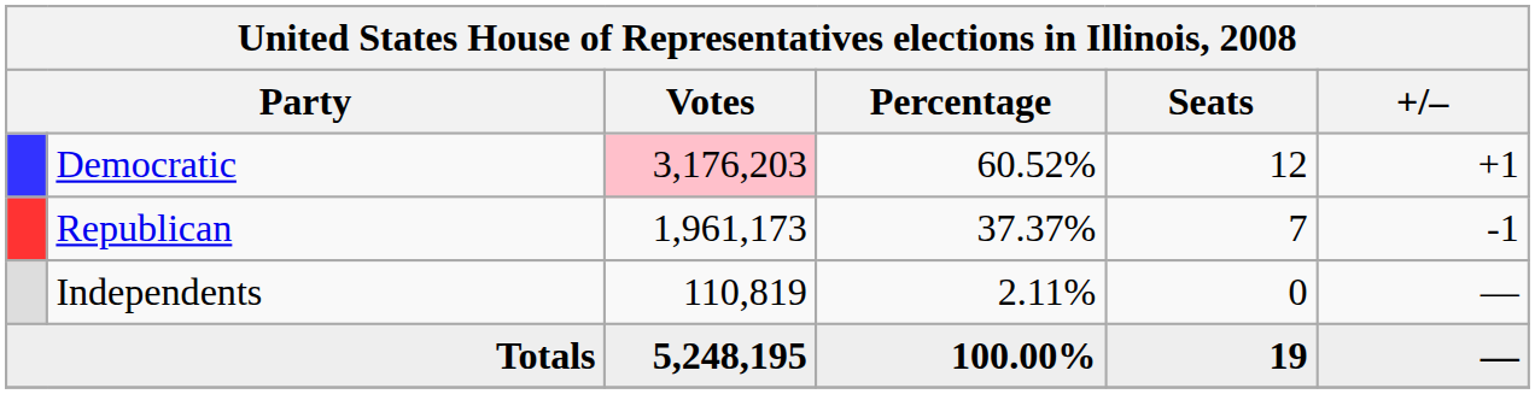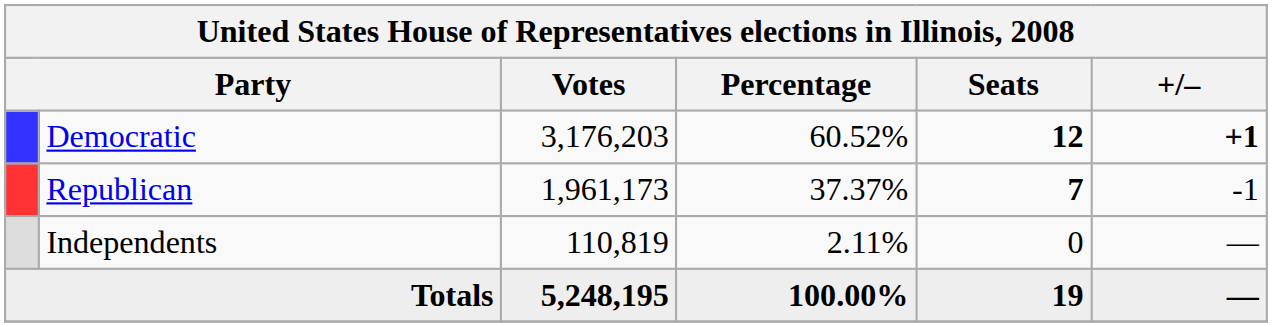 <table class="wikitable" style="font-size: 95%;">
 <tr>
 <th colspan="6">United States House of Representatives elections in Illinois, 2008</th>
 </tr>
 <tr>
 <th colspan=2 style="width: 15em">Party</th>
 <th style="width: 5em">Votes</th>
 <th style="width: 7em">Percentage</th>
 <th style="width: 5em">Seats</th>
 <th style="width: 5em">+/–</th>
 </tr>
 <tr>
 <th style="background-color:#3333FF; width: 3px"></th>
 <td style="width: 130px"><a href='#'>Democratic</a></td>
-<td align="right" style="background: pink;">3,176,203</td>
+<td align="right">3,176,203</td>
 <td align="right">60.52%</td>
-<td align="right">12</td>
-<td align="right">+1</td>
+<td align="right"><strong>12</strong></td>
+<td align="right"><strong>+1</strong></td>
 </tr>
 <tr>
 <th style="background-color:#FF3333; width: 3px"></th>
 <td style="width: 130px"><a href='#'>Republican</a></td>
 <td align="right">1,961,173</td>
 <td align="right">37.37%</td>
-<td align="right">7</td>
+<td align="right"><strong>7</strong></td>
 <td align="right">-1</td>
 </tr>
 <tr>
 <th style="background-color:#DDDDDD; width: 3px"></th>
 <td style="width: 130px">Independents</td>
 <td align="right">110,819</td>
 <td align="right">2.11%</td>
 <td align="right">0</td>
 <td align="right">—</td>
 </tr>
 <tr bgcolor="#EEEEEE">
 <td colspan="2" align="right"><strong>Totals</strong></td>
 <td align="right"><strong>5,248,195</strong></td>
 <td align="right"><strong>100.00%</strong></td>
 <td align="right"><strong>19</strong></td>
 <td align="right"><strong>—</strong></td>
 </tr>
 <tr bgcolor="#EEEEEE">
 </tr>
 </table>
